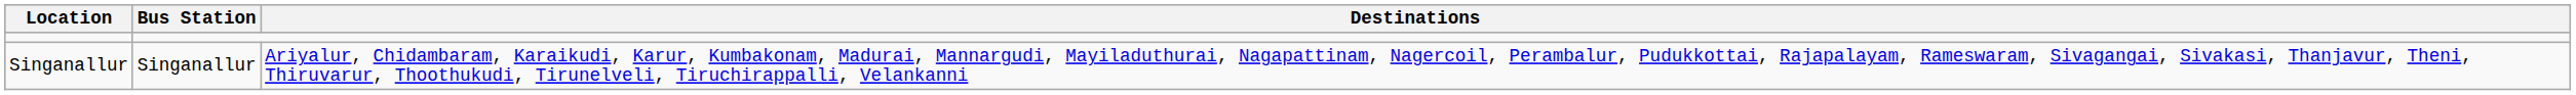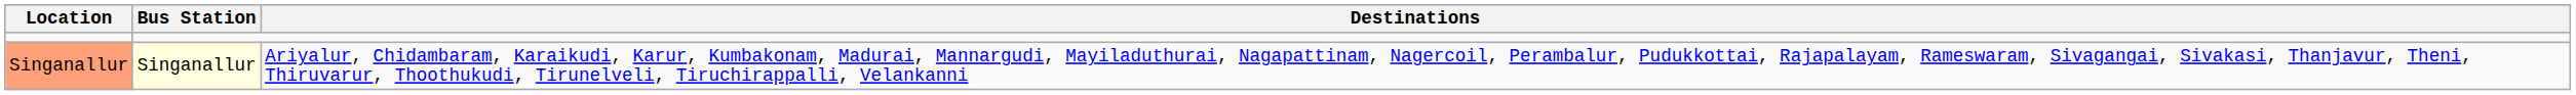 <table class="wikitable sortable" style="font-size: 85%">
 <tr>
 <th>Location</th>
 <th>Bus Station</th>
 <th>Destinations</th>
 </tr>
 <tr>
 <td rowspan="1"></td>
 </tr>
 <tr>
-<td>Singanallur</td>
-<td>Singanallur</td>
+<td style="background: lightsalmon;">Singanallur</td>
+<td style="background: lightyellow;">Singanallur</td>
 <td><a href='#'>Ariyalur</a>, <a href='#'>Chidambaram</a>, <a href='#'>Karaikudi</a>, <a href='#'>Karur</a>, <a href='#'>Kumbakonam</a>, <a href='#'>Madurai</a>, <a href='#'>Mannargudi</a>, <a href='#'>Mayiladuthurai</a>, <a href='#'>Nagapattinam</a>, <a href='#'>Nagercoil</a>, <a href='#'>Perambalur</a>, <a href='#'>Pudukkottai</a>, <a href='#'>Rajapalayam</a>, <a href='#'>Rameswaram</a>, <a href='#'>Sivagangai</a>, <a href='#'>Sivakasi</a>, <a href='#'>Thanjavur</a>, <a href='#'>Theni</a>, <a href='#'>Thiruvarur</a>, <a href='#'>Thoothukudi</a>, <a href='#'>Tirunelveli</a>, <a href='#'>Tiruchirappalli</a>, <a href='#'>Velankanni</a></td>
 </tr>
 </table>
